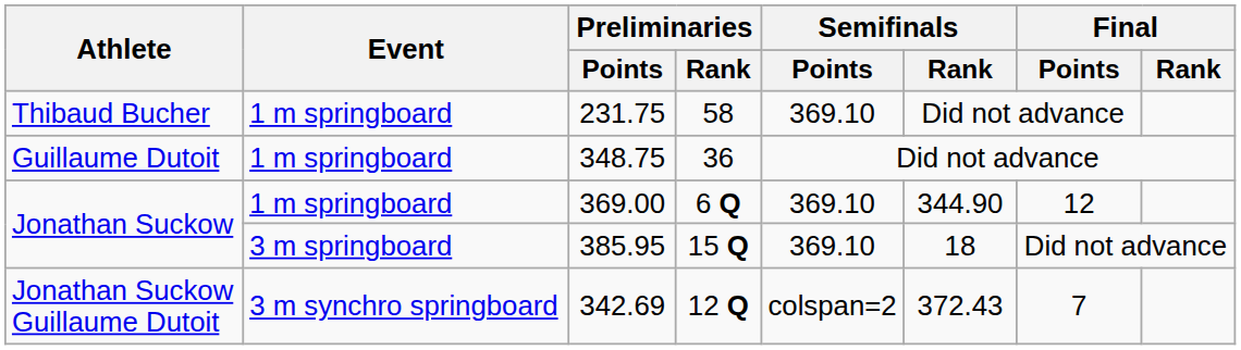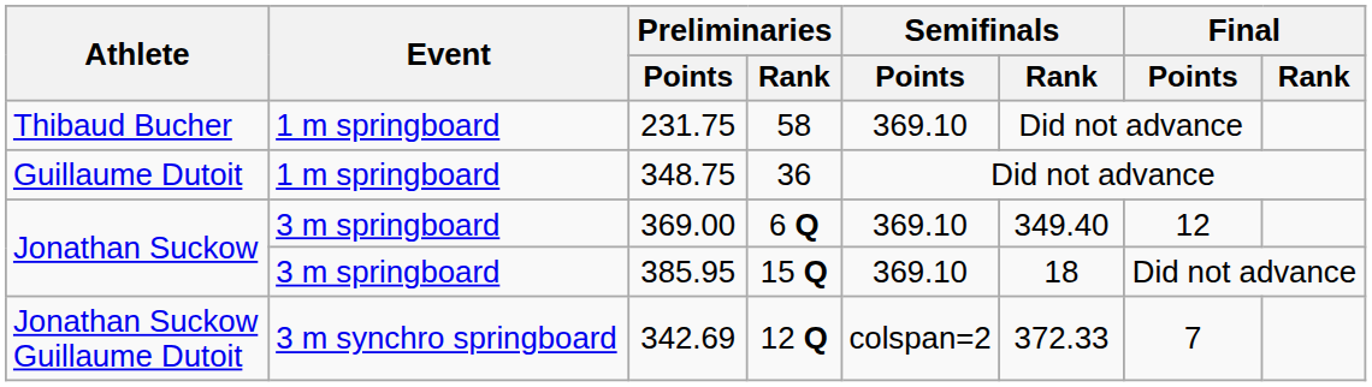 <table class="wikitable" style="text-align:center; font-size:90%; width:50%;">
 <tr>
 <th rowspan=2>Athlete</th>
 <th rowspan=2>Event</th>
 <th colspan=2>Preliminaries</th>
 <th colspan=2>Semifinals</th>
 <th colspan=2>Final</th>
 </tr>
 <tr style="font-size:95%">
 <th>Points</th>
 <th>Rank</th>
 <th>Points</th>
 <th>Rank</th>
 <th>Points</th>
 <th>Rank</th>
 </tr>
 <tr>
 <td align=left><a href='#'>Thibaud Bucher</a></td>
 <td align=left><a href='#'>1 m springboard</a></td>
 <td>231.75</td>
 <td>58</td>
 <td>369.10</td>
 <td colspan=2>Did not advance</td>
 </tr>
 <tr>
 <td align=left><a href='#'>Guillaume Dutoit</a></td>
 <td align=left><a href='#'>1 m springboard</a></td>
 <td>348.75</td>
 <td>36</td>
 <td colspan=4>Did not advance</td>
 </tr>
 <tr>
 <td align=left rowspan=2><a href='#'>Jonathan Suckow</a></td>
-<td align=left><a href='#'>1 m springboard</a></td>
+<td align=left><a href='#'>3 m springboard</a></td>
 <td>369.00</td>
 <td>6 <strong>Q</strong></td>
 <td>369.10</td>
-<td>344.90</td>
+<td>349.40</td>
 <td>12</td>
 </tr>
 <tr>
 <td align=left><a href='#'>3 m springboard</a></td>
 <td>385.95</td>
 <td>15 <strong>Q</strong></td>
 <td>369.10</td>
 <td>18</td>
 <td colspan=2>Did not advance</td>
 </tr>
 <tr>
 <td align=left><a href='#'>Jonathan Suckow</a><br> <a href='#'>Guillaume Dutoit</a></td>
 <td align=left><a href='#'>3 m synchro springboard</a></td>
 <td>342.69</td>
 <td>12 <strong>Q</strong></td>
 <td>colspan=2 </td>
-<td>372.43</td>
+<td>372.33</td>
 <td>7</td>
 </tr>
 </table>
